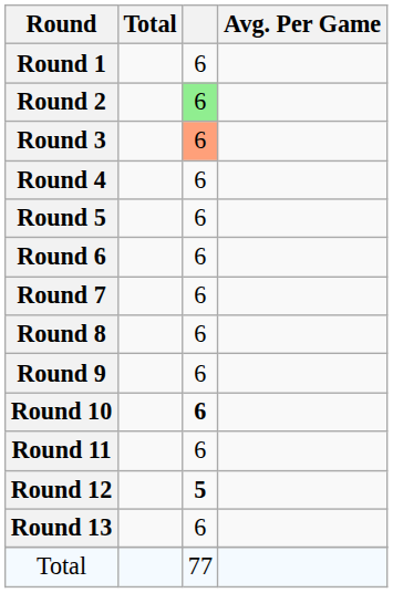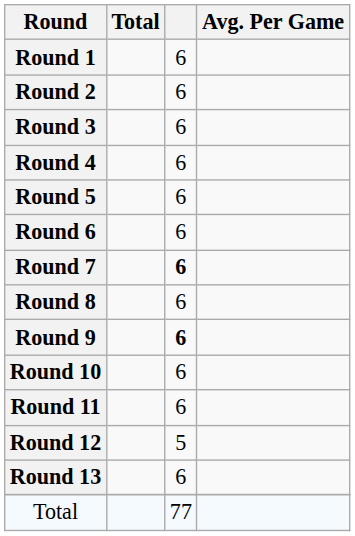 <table class="wikitable plainrowheaders sortable" style="text-align:center;">
 <tr>
 <th>Round</th>
 <th>Total</th>
 <th></th>
 <th>Avg. Per Game</th>
 </tr>
 <tr>
 <th scope='row'>Round 1</th>
 <td></td>
 <td>6</td>
 <td></td>
 </tr>
 <tr>
 <th scope='row'>Round 2</th>
 <td></td>
-<td style="background: lightgreen;">6</td>
+<td>6</td>
 <td></td>
 </tr>
 <tr>
 <th scope='row'>Round 3</th>
 <td></td>
-<td style="background: lightsalmon;">6</td>
+<td>6</td>
 <td></td>
 </tr>
 <tr>
 <th scope='row'>Round 4</th>
 <td></td>
 <td>6</td>
 <td></td>
 </tr>
 <tr>
 <th scope='row'>Round 5</th>
 <td></td>
 <td>6</td>
 <td></td>
 </tr>
 <tr>
 <th scope='row'>Round 6</th>
 <td></td>
 <td>6</td>
 <td></td>
 </tr>
 <tr>
 <th scope='row'>Round 7</th>
 <td></td>
-<td>6</td>
+<td><strong>6</strong></td>
 <td></td>
 </tr>
 <tr>
 <th scope='row'>Round 8</th>
 <td></td>
 <td>6</td>
 <td></td>
 </tr>
 <tr>
 <th scope='row'>Round 9</th>
 <td></td>
-<td>6</td>
+<td><strong>6</strong></td>
 <td></td>
 </tr>
 <tr>
 <th scope='row'>Round 10</th>
 <td></td>
-<td><strong>6</strong></td>
+<td>6</td>
 <td></td>
 </tr>
 <tr>
 <th scope='row'>Round 11</th>
 <td></td>
 <td>6</td>
 <td></td>
 </tr>
 <tr>
 <th scope='row'>Round 12</th>
 <td></td>
-<td><strong>5</strong></td>
+<td>5</td>
 <td></td>
 </tr>
 <tr>
 <th scope='row'>Round 13</th>
 <td></td>
 <td>6</td>
 <td><br></td>
 </tr>
 <tr>
 </tr>
 <tr style="background:#f4faff;">
 <td>Total</td>
 <td></td>
 <td>77</td>
 <td></td>
 </tr>
 </table>
